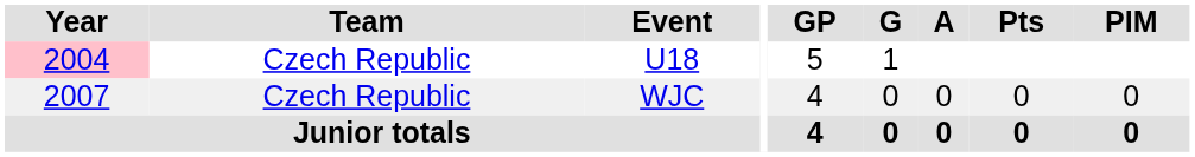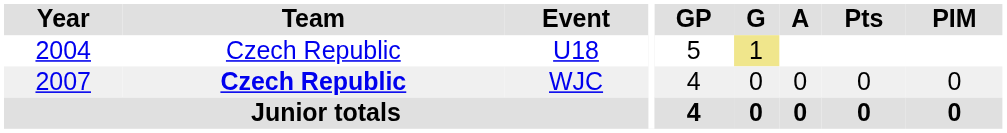 <table border="0" cellpadding="1" cellspacing="0" ID="Table3" style="text-align:center; width:40em">
 <tr ALIGN="center" bgcolor="#e0e0e0">
 <th>Year</th>
 <th>Team</th>
 <th>Event</th>
 <th rowspan="99" bgcolor="#ffffff"></th>
 <th>GP</th>
 <th>G</th>
 <th>A</th>
 <th>Pts</th>
 <th>PIM</th>
 </tr>
 <tr>
-<td style="background: pink;"><a href='#'>2004</a></td>
+<td><a href='#'>2004</a></td>
 <td><a href='#'>Czech Republic</a></td>
 <td><a href='#'>U18</a></td>
 <td>5</td>
-<td>1</td>
+<td style="background: khaki;">1</td>
 <td></td>
 <td></td>
 <td></td>
 </tr>
 <tr bgcolor="#f0f0f0">
 <td><a href='#'>2007</a></td>
-<td><a href='#'>Czech Republic</a></td>
+<td><strong><a href='#'>Czech Republic</a></strong></td>
 <td><a href='#'>WJC</a></td>
 <td>4</td>
 <td>0</td>
 <td>0</td>
 <td>0</td>
 <td>0</td>
 </tr>
 <tr bgcolor="#e0e0e0">
 <th colspan="3">Junior totals</th>
 <th>4</th>
 <th>0</th>
 <th>0</th>
 <th>0</th>
 <th>0</th>
 </tr>
 </table>
